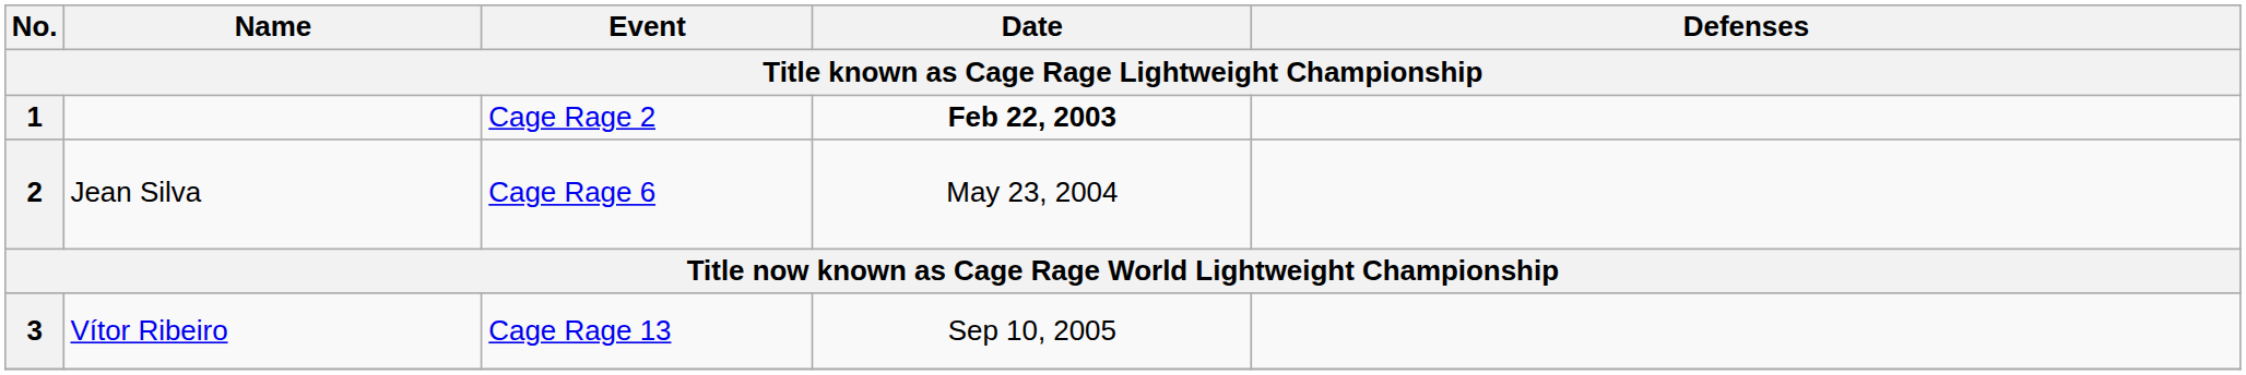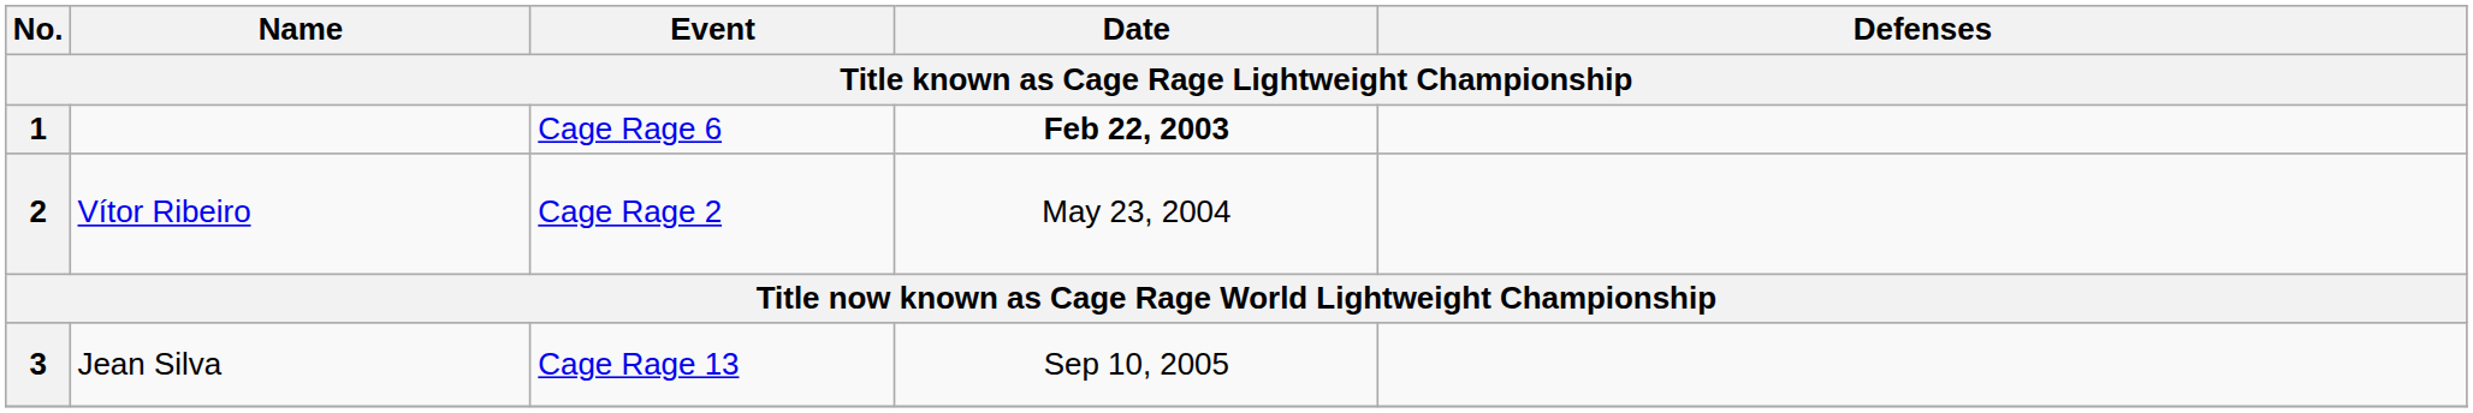 <table class="wikitable" width=100%>
 <tr>
 <th width=1%>No.</th>
 <th width=19%>Name</th>
 <th width=15%>Event</th>
 <th width=20%>Date</th>
 <th width=45%>Defenses</th>
 </tr>
 <tr>
 <th align=center colspan=5>Title known as <strong>Cage Rage Lightweight Championship</strong></th>
 </tr>
 <tr>
 <th>1</th>
 <td> <br></td>
-<td><a href='#'>Cage Rage 2</a> <br></td>
+<td><a href='#'>Cage Rage 6</a> <br></td>
 <td align=center><strong>Feb 22, 2003</strong></td>
 <td></td>
 </tr>
 <tr>
 <th>2</th>
-<td> Jean Silva</td>
-<td><a href='#'>Cage Rage 6</a> <br></td>
+<td> <a href='#'>Vítor Ribeiro</a><br></td>
+<td><a href='#'>Cage Rage 2</a> <br></td>
 <td align=center>May 23, 2004</td>
 <td><br><br> <br> </td>
 </tr>
 <tr>
 <th align=center colspan=5>Title now known as <strong>Cage Rage World Lightweight Championship</strong></th>
 </tr>
 <tr>
 <th>3</th>
-<td> <a href='#'>Vítor Ribeiro</a><br></td>
+<td> Jean Silva</td>
 <td><a href='#'>Cage Rage 13</a> <br></td>
 <td align=center>Sep 10, 2005</td>
 <td><br><br> </td>
 </tr>
 <tr>
 </tr>
 </table>
